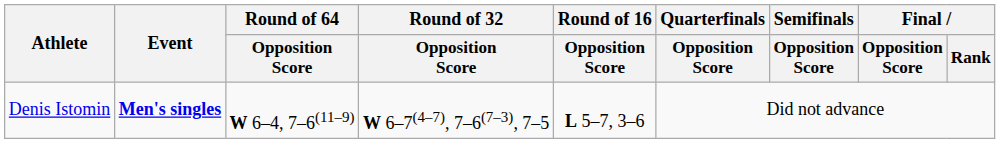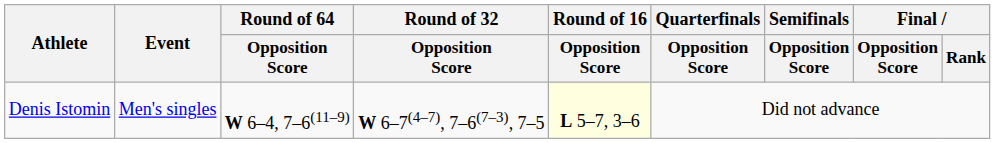 <table class=wikitable style="font-size:90%">
 <tr>
 <th rowspan="2">Athlete</th>
 <th rowspan="2">Event</th>
 <th>Round of 64</th>
 <th>Round of 32</th>
 <th>Round of 16</th>
 <th>Quarterfinals</th>
 <th>Semifinals</th>
 <th colspan="2">Final / </th>
 </tr>
 <tr style="font-size:95%">
 <th>Opposition<br>Score</th>
 <th>Opposition<br>Score</th>
 <th>Opposition<br>Score</th>
 <th>Opposition<br>Score</th>
 <th>Opposition<br>Score</th>
 <th>Opposition<br>Score</th>
 <th>Rank</th>
 </tr>
 <tr align=center>
 <td align=left><a href='#'>Denis Istomin</a></td>
-<td align=left><strong><a href='#'>Men's singles</a></strong></td>
+<td align=left><a href='#'>Men's singles</a></td>
 <td><br><strong>W</strong> 6–4, 7–6<sup>(11–9)</sup></td>
 <td><br><strong>W</strong> 6–7<sup>(4–7)</sup>, 7–6<sup>(7–3)</sup>, 7–5</td>
-<td><br><strong>L</strong> 5–7, 3–6</td>
+<td style="background: lightyellow;"><br><strong>L</strong> 5–7, 3–6</td>
 <td colspan=4>Did not advance</td>
 </tr>
 </table>
